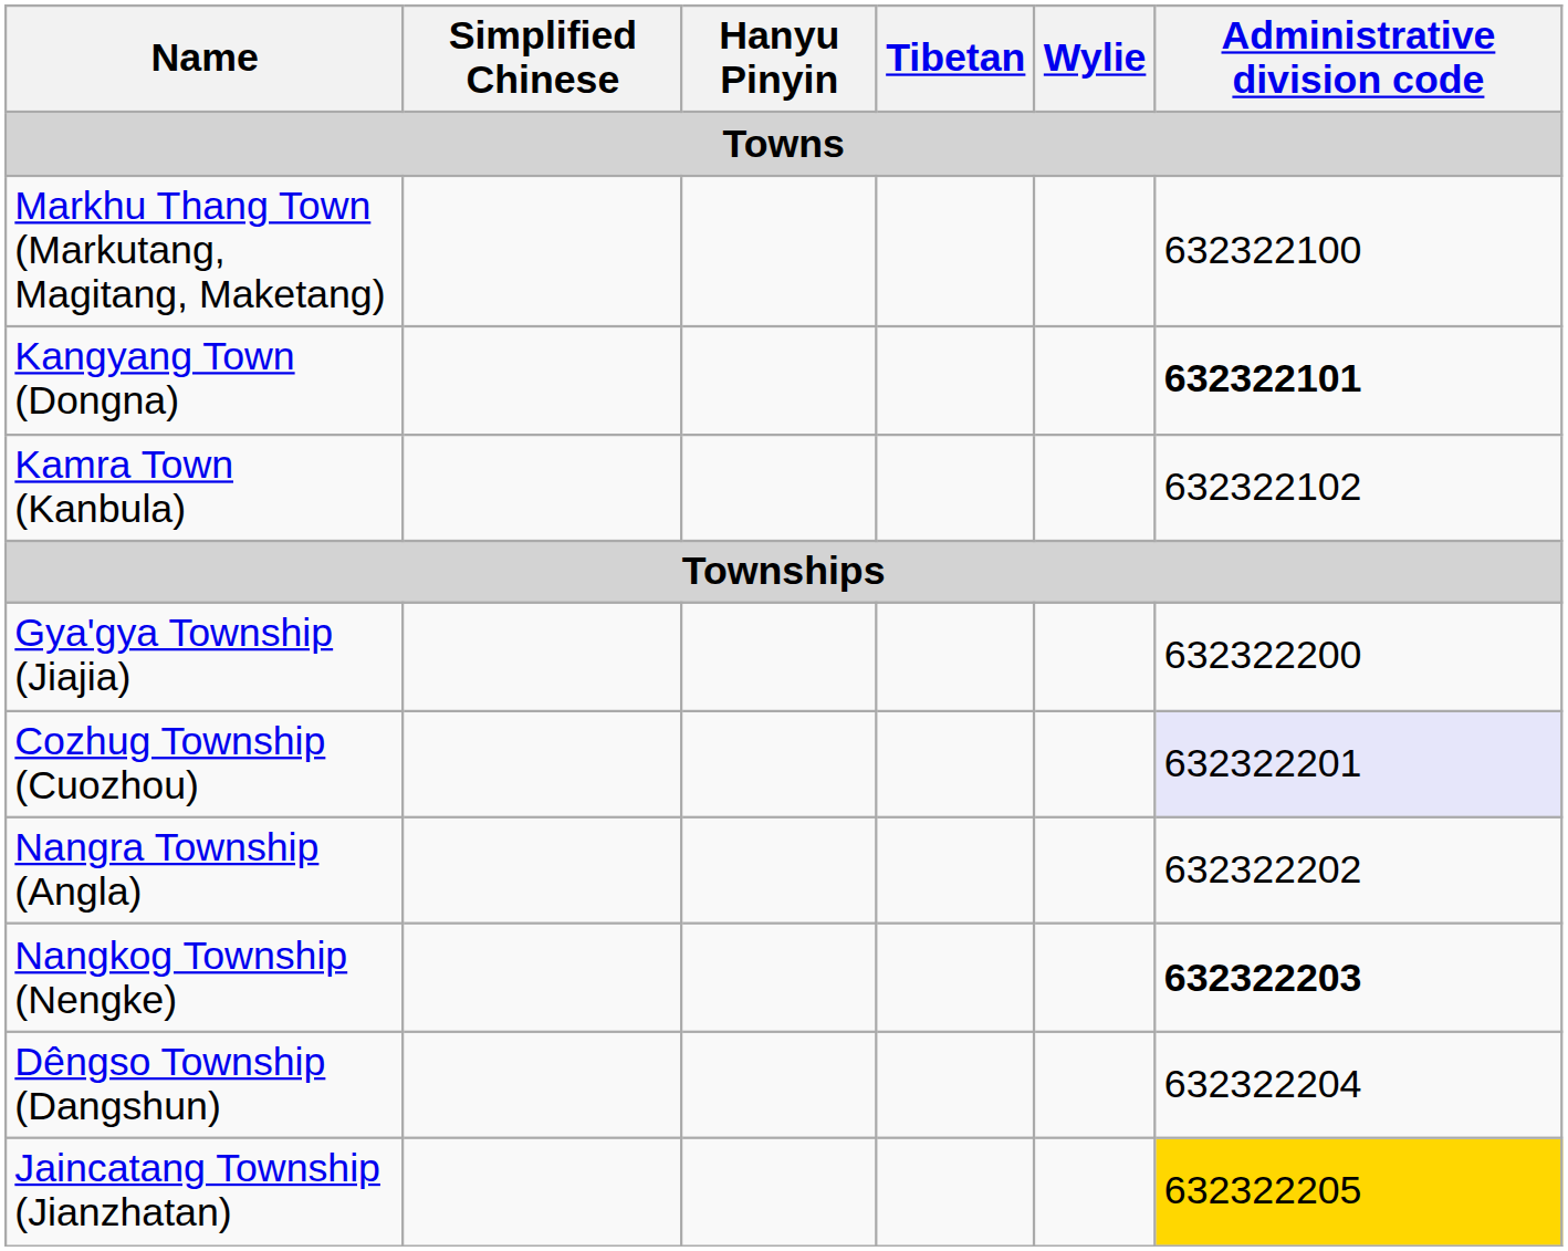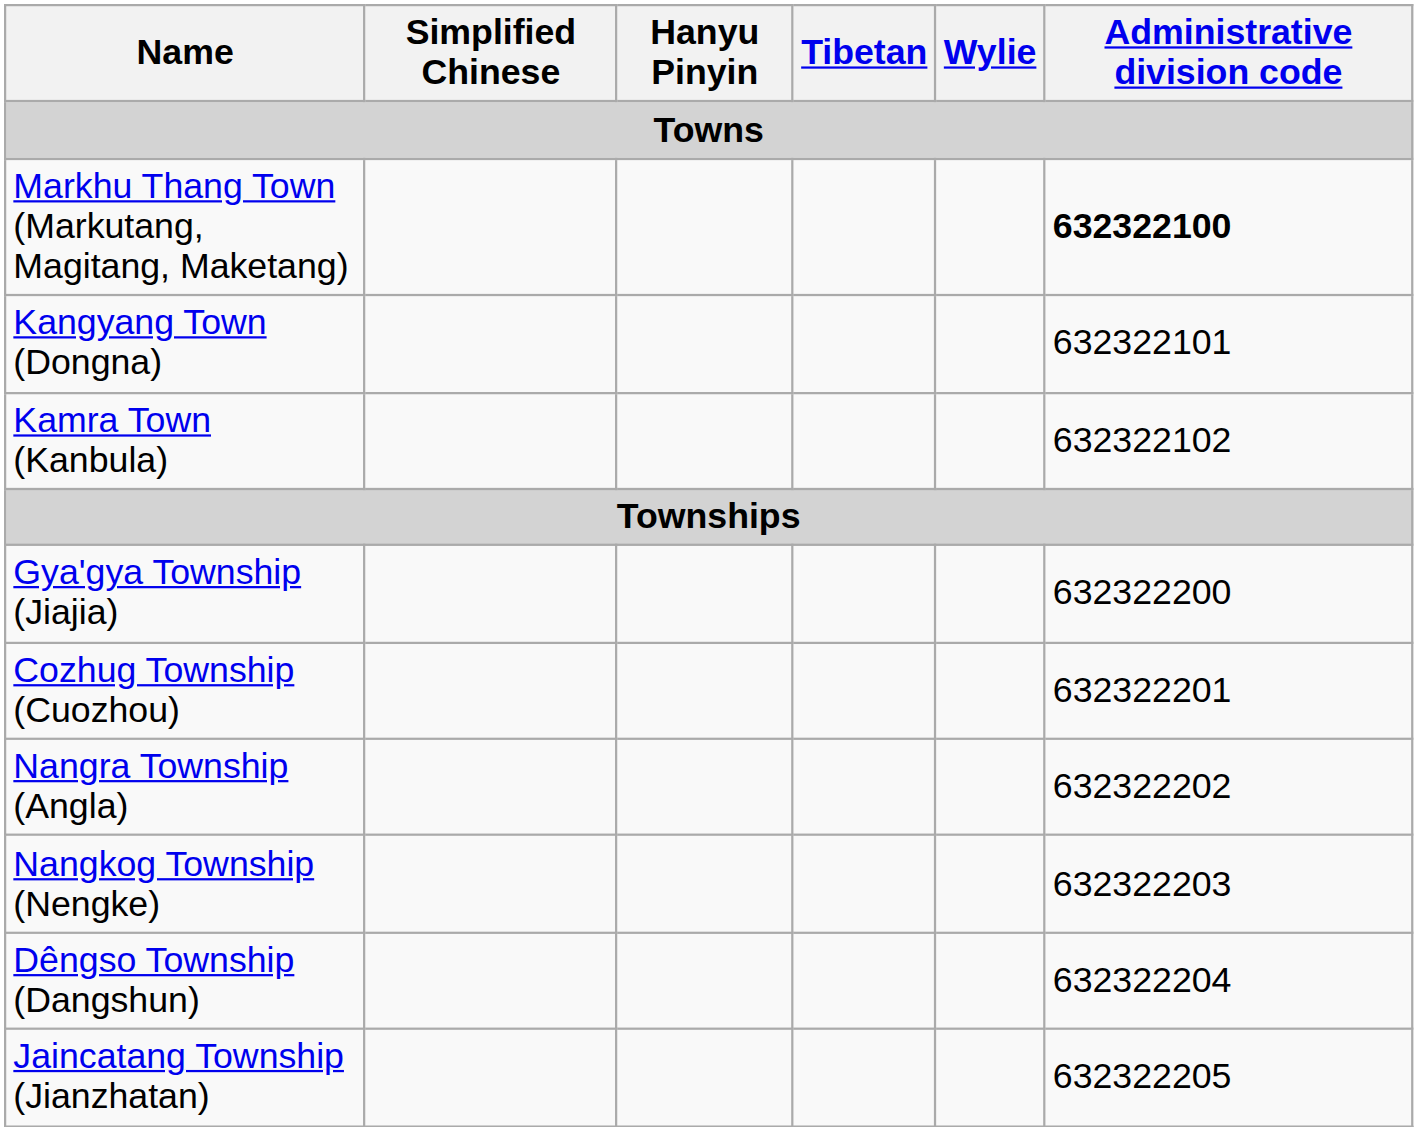 <table class="wikitable" align="center" style="width:50%; border="1">
 <tr>
 <th>Name</th>
 <th>Simplified Chinese</th>
 <th>Hanyu Pinyin</th>
 <th><a href='#'>Tibetan</a></th>
 <th><a href='#'>Wylie</a></th>
 <th><a href='#'>Administrative division code</a></th>
 </tr>
 <tr>
 <td colspan="7"  style="text-align:center; background:#d3d3d3;"><strong>Towns</strong></td>
 </tr>
 <tr --------->
 <td><a href='#'>Markhu Thang Town</a><br>(Markutang, Magitang, Maketang)</td>
 <td></td>
 <td></td>
 <td></td>
 <td></td>
-<td>632322100</td>
+<td><strong>632322100</strong></td>
 </tr>
 <tr>
 <td><a href='#'>Kangyang Town</a><br>(Dongna)</td>
 <td></td>
 <td></td>
 <td></td>
 <td></td>
-<td><strong>632322101</strong></td>
+<td>632322101</td>
 </tr>
 <tr>
 <td><a href='#'>Kamra Town</a><br>(Kanbula)</td>
 <td></td>
 <td></td>
 <td></td>
 <td></td>
 <td>632322102</td>
 </tr>
 <tr>
 <td colspan="7"  style="text-align:center; background:#d3d3d3;"><strong>Townships</strong></td>
 </tr>
 <tr --------->
 <td><a href='#'>Gya'gya Township</a><br>(Jiajia)</td>
 <td></td>
 <td></td>
 <td></td>
 <td></td>
 <td>632322200</td>
 </tr>
 <tr>
 <td><a href='#'>Cozhug Township</a><br>(Cuozhou)</td>
 <td></td>
 <td></td>
 <td></td>
 <td></td>
-<td style="background: lavender;">632322201</td>
+<td>632322201</td>
 </tr>
 <tr>
 <td><a href='#'>Nangra Township</a><br>(Angla)</td>
 <td></td>
 <td></td>
 <td></td>
 <td></td>
 <td>632322202</td>
 </tr>
 <tr>
 <td><a href='#'>Nangkog Township</a><br>(Nengke)</td>
 <td></td>
 <td></td>
 <td></td>
 <td></td>
-<td><strong>632322203</strong></td>
+<td>632322203</td>
 </tr>
 <tr>
 <td><a href='#'>Dêngso Township</a><br>(Dangshun)</td>
 <td></td>
 <td></td>
 <td></td>
 <td></td>
 <td>632322204</td>
 </tr>
 <tr>
 <td><a href='#'>Jaincatang Township</a><br>(Jianzhatan)</td>
 <td></td>
 <td></td>
 <td></td>
 <td></td>
-<td style="background: gold;">632322205</td>
+<td>632322205</td>
 </tr>
 <tr>
 </tr>
 </table>
